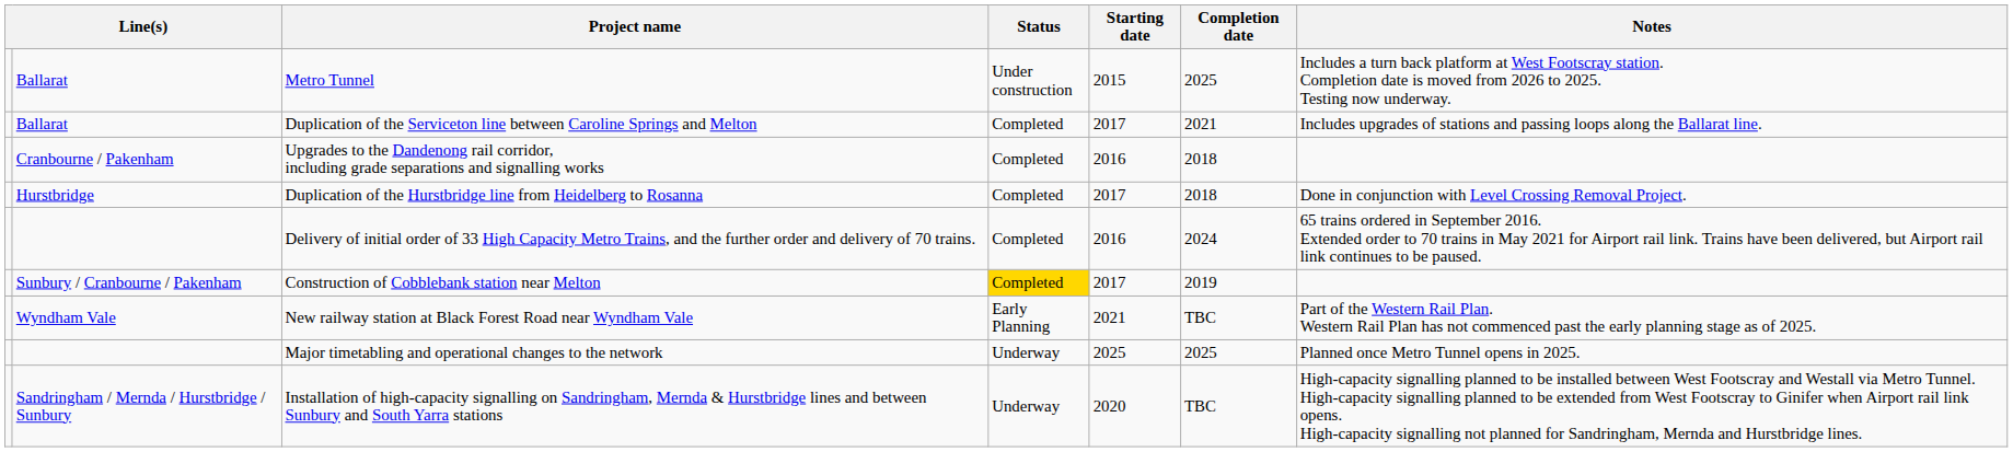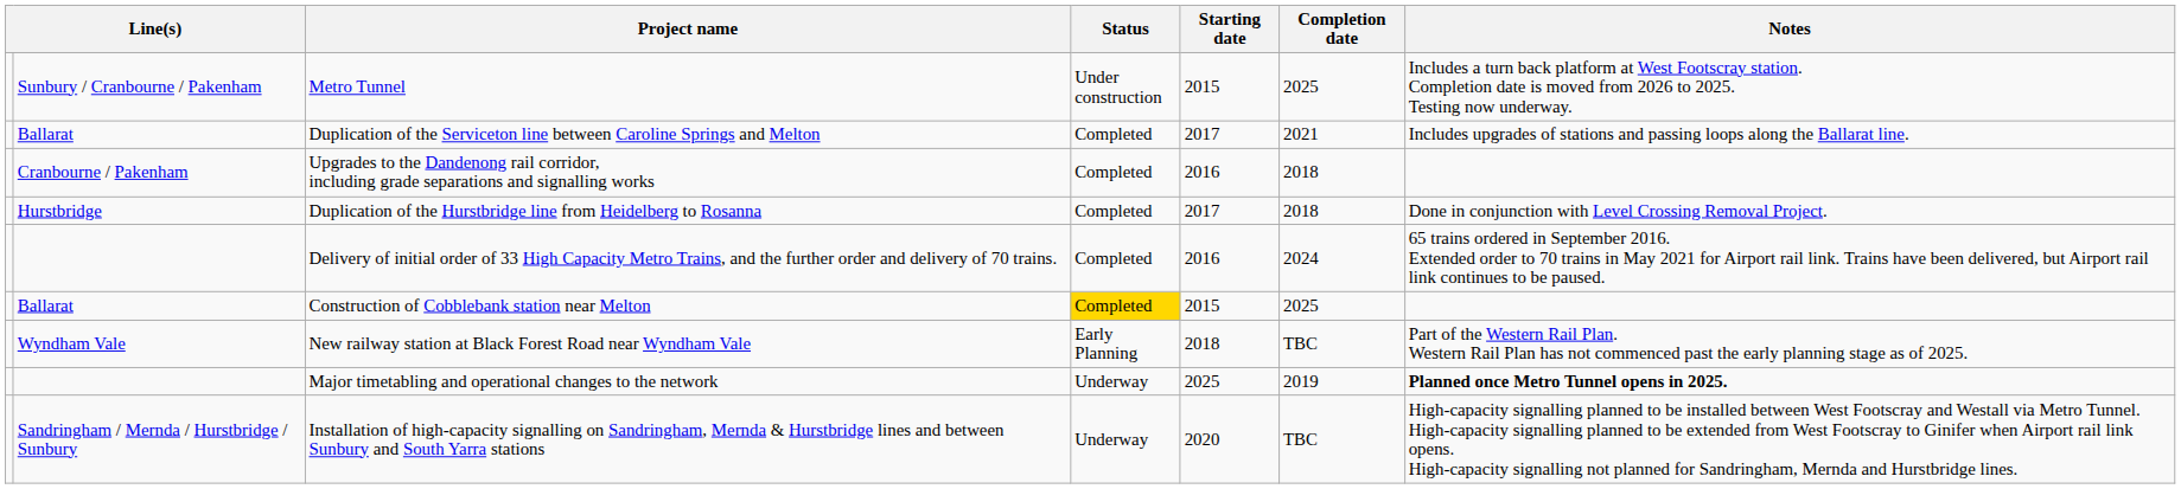 <table class="wikitable sortable">
 <tr>
 <th colspan="2">Line(s)</th>
 <th>Project name</th>
 <th>Status</th>
 <th>Starting date</th>
 <th>Completion date</th>
 <th>Notes</th>
 </tr>
 <tr>
 <td style="background-color:#"></td>
-<td><a href='#'>Ballarat</a></td>
+<td><a href='#'>Sunbury</a> / <a href='#'>Cranbourne</a> / <a href='#'>Pakenham</a></td>
 <td><a href='#'>Metro Tunnel</a></td>
 <td>Under<br>construction</td>
 <td>2015</td>
 <td>2025</td>
 <td>Includes a turn back platform at <a href='#'>West Footscray station</a>.<br>Completion date is moved from 2026 to 2025.<br>Testing now underway.</td>
 </tr>
 <tr>
 <td style="background-color:#"></td>
 <td><a href='#'>Ballarat</a></td>
 <td>Duplication of the <a href='#'>Serviceton line</a> between <a href='#'>Caroline Springs</a> and <a href='#'>Melton</a></td>
 <td>Completed</td>
 <td>2017</td>
 <td>2021</td>
 <td>Includes upgrades of stations and passing loops along the <a href='#'>Ballarat line</a>.</td>
 </tr>
 <tr>
 <td style="background-color:#"></td>
 <td><a href='#'>Cranbourne</a> / <a href='#'>Pakenham</a></td>
 <td>Upgrades to the <a href='#'>Dandenong</a> rail corridor,<br>including grade separations and signalling works</td>
 <td>Completed</td>
 <td>2016</td>
 <td>2018</td>
 <td></td>
 </tr>
 <tr>
 <td style="background-color:#"></td>
 <td><a href='#'>Hurstbridge</a></td>
 <td>Duplication of the <a href='#'>Hurstbridge line</a> from <a href='#'>Heidelberg</a> to <a href='#'>Rosanna</a></td>
 <td>Completed</td>
 <td>2017</td>
 <td>2018</td>
 <td>Done in conjunction with <a href='#'>Level Crossing Removal Project</a>.</td>
 </tr>
 <tr>
 <td></td>
 <td></td>
 <td>Delivery of initial order of 33 <a href='#'>High Capacity Metro Trains</a>, and the further order and delivery of 70 trains.</td>
 <td>Completed</td>
 <td>2016</td>
 <td>2024</td>
 <td>65 trains ordered in September 2016.<br>Extended order to 70 trains in May 2021 for Airport rail link. Trains have been delivered, but Airport rail link continues to be paused.</td>
 </tr>
 <tr>
 <td style="background-color:#"></td>
-<td><a href='#'>Sunbury</a> / <a href='#'>Cranbourne</a> / <a href='#'>Pakenham</a></td>
+<td><a href='#'>Ballarat</a></td>
 <td>Construction of <a href='#'>Cobblebank station</a> near <a href='#'>Melton</a></td>
 <td style="background: gold;">Completed</td>
-<td>2017</td>
-<td>2019</td>
+<td>2015</td>
+<td>2025</td>
 <td></td>
 </tr>
 <tr>
 <td></td>
 <td><a href='#'>Wyndham Vale</a></td>
 <td>New railway station at Black Forest Road near <a href='#'>Wyndham Vale</a></td>
 <td>Early Planning</td>
-<td>2021</td>
+<td>2018</td>
 <td>TBC</td>
 <td>Part of the <a href='#'>Western Rail Plan</a>.<br>Western Rail Plan has not commenced past the early planning stage as of 2025.</td>
 </tr>
 <tr>
 <td></td>
 <td></td>
 <td>Major timetabling and operational changes to the network</td>
 <td>Underway</td>
 <td>2025</td>
-<td>2025</td>
-<td>Planned once Metro Tunnel opens in 2025.</td>
+<td>2019</td>
+<td><strong>Planned once Metro Tunnel opens in 2025.</strong></td>
 </tr>
 <tr>
 <td></td>
 <td><a href='#'>Sandringham</a> / <a href='#'>Mernda</a> / <a href='#'>Hurstbridge</a> / <a href='#'>Sunbury</a></td>
 <td>Installation of high-capacity signalling on <a href='#'>Sandringham</a>, <a href='#'>Mernda</a> & <a href='#'>Hurstbridge</a> lines and between <a href='#'>Sunbury</a> and <a href='#'>South Yarra</a> stations</td>
 <td>Underway</td>
 <td>2020</td>
 <td>TBC</td>
 <td>High-capacity signalling planned to be installed between West Footscray and Westall via Metro Tunnel.<br>High-capacity signalling planned to be extended from West Footscray to Ginifer when Airport rail link opens.<br>High-capacity signalling not planned for Sandringham, Mernda and Hurstbridge lines.</td>
 </tr>
 </table>
